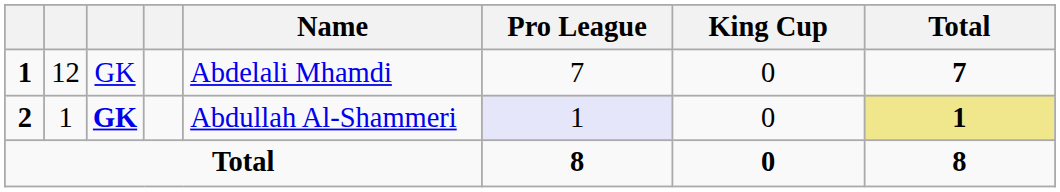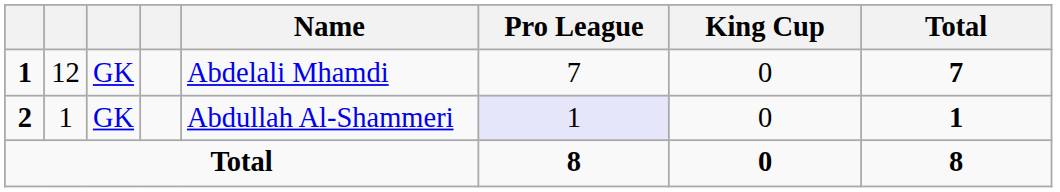 <table class="wikitable" style="text-align:center">
 <tr>
 <th width=15></th>
 <th width=15></th>
 <th width=15></th>
 <th width=15></th>
 <th width=160>Name</th>
 <th width=100>Pro League</th>
 <th width=100>King Cup</th>
 <th width=100>Total</th>
 </tr>
 <tr>
 <td><strong>1</strong></td>
 <td>12</td>
 <td><a href='#'>GK</a></td>
 <td></td>
 <td align=left><a href='#'>Abdelali Mhamdi</a></td>
 <td>7</td>
 <td>0</td>
 <td><strong>7</strong></td>
 </tr>
 <tr>
 <td><strong>2</strong></td>
 <td>1</td>
-<td><strong><a href='#'>GK</a></strong></td>
+<td><a href='#'>GK</a></td>
 <td></td>
 <td align=left><a href='#'>Abdullah Al-Shammeri</a></td>
 <td style="background: lavender;">1</td>
 <td>0</td>
-<td style="background: khaki;"><strong>1</strong></td>
+<td><strong>1</strong></td>
 </tr>
 <tr>
 <td colspan=5><strong>Total</strong></td>
 <td><strong>8</strong></td>
 <td><strong>0</strong></td>
 <td><strong>8</strong></td>
 </tr>
 </table>
